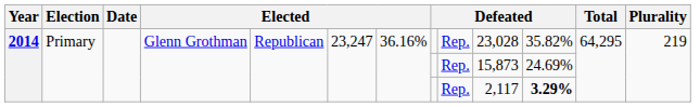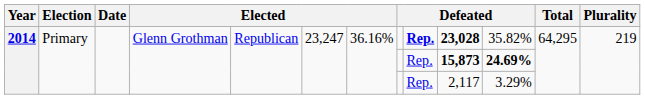 <table class=wikitable>
 <tr>
 <th>Year</th>
 <th>Election</th>
 <th>Date</th>
 <th ! colspan="4">Elected</th>
 <th ! colspan="4">Defeated</th>
 <th>Total</th>
 <th>Plurality</th>
 </tr>
 <tr>
 <th rowspan="3" valign="top"><a href='#'>2014</a></th>
 <td rowspan="3" valign="top">Primary</td>
 <td rowspan="3" valign="top"></td>
 <td rowspan="3" valign="top"><a href='#'>Glenn Grothman</a></td>
 <td rowspan="3" valign="top" ><a href='#'>Republican</a></td>
 <td rowspan="3" valign="top" align="right">23,247</td>
 <td rowspan="3" valign="top" align="right">36.16%</td>
 <td valign="top"></td>
-<td valign="top" ><a href='#'>Rep.</a></td>
-<td valign="top" align="right">23,028</td>
+<td valign="top" ><strong><a href='#'>Rep.</a></strong></td>
+<td valign="top" align="right"><strong>23,028</strong></td>
 <td valign="top" align="right">35.82%</td>
 <td rowspan="3" valign="top" align="right">64,295</td>
 <td rowspan="3" valign="top" align="right">219</td>
 </tr>
 <tr>
 <td valign="top"></td>
 <td valign="top" ><a href='#'>Rep.</a></td>
-<td valign="top" align="right">15,873</td>
-<td valign="top" align="right">24.69%</td>
+<td valign="top" align="right"><strong>15,873</strong></td>
+<td valign="top" align="right"><strong>24.69%</strong></td>
 </tr>
 <tr>
 <td valign="top"></td>
 <td valign="top" ><a href='#'>Rep.</a></td>
 <td valign="top" align="right">2,117</td>
-<td valign="top" align="right"><strong>3.29%</strong></td>
+<td valign="top" align="right">3.29%</td>
 </tr>
 </table>
